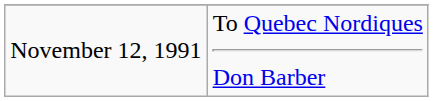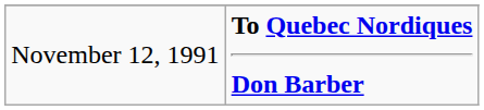 <table class="wikitable">
 <tr>
 </tr>
 <tr>
 <td>November 12, 1991</td>
-<td valign="top">To <a href='#'>Quebec Nordiques</a><hr><a href='#'>Don Barber</a></td>
+<td valign="top"><strong>To <a href='#'>Quebec Nordiques</a><hr><a href='#'>Don Barber</a></strong></td>
 </tr>
 </table>
